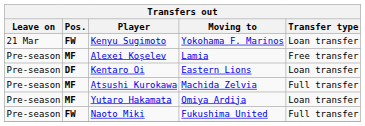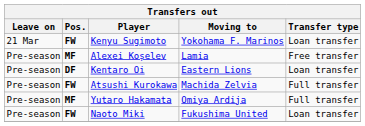 <table class="wikitable sortable" style=“text-align:left;>
 <tr>
 <th colspan="5">Transfers out</th>
 </tr>
 <tr>
 <th>Leave on</th>
 <th>Pos.</th>
 <th>Player</th>
 <th>Moving to</th>
 <th>Transfer type</th>
 </tr>
 <tr>
 <td>21 Mar</td>
 <td><strong>FW</strong></td>
 <td> <a href='#'>Kenyu Sugimoto</a></td>
 <td> <a href='#'>Yokohama F. Marinos</a></td>
 <td>Loan transfer</td>
 </tr>
 <tr>
 <td>Pre-season</td>
 <td><strong>MF</strong></td>
 <td> <a href='#'>Alexei Koșelev</a></td>
 <td> <a href='#'>Lamia</a></td>
 <td>Free transfer</td>
 </tr>
 <tr>
 <td>Pre-season</td>
 <td><strong>DF</strong></td>
 <td> <a href='#'>Kentaro Oi</a></td>
 <td> <a href='#'>Eastern Lions</a></td>
 <td>Loan transfer</td>
 </tr>
 <tr>
 <td>Pre-season</td>
-<td><strong>MF</strong></td>
+<td><strong>FW</strong></td>
 <td> <a href='#'>Atsushi Kurokawa</a></td>
 <td> <a href='#'>Machida Zelvia</a></td>
 <td>Full transfer</td>
 </tr>
 <tr>
 <td>Pre-season</td>
 <td><strong>MF</strong></td>
 <td> <a href='#'>Yutaro Hakamata</a></td>
 <td> <a href='#'>Omiya Ardija</a></td>
-<td>Loan transfer</td>
+<td>Full transfer</td>
 </tr>
 <tr>
 <td>Pre-season</td>
 <td><strong>FW</strong></td>
 <td> <a href='#'>Naoto Miki</a></td>
 <td> <a href='#'>Fukushima United</a></td>
-<td>Full transfer</td>
+<td>Loan transfer</td>
 </tr>
 <tr>
 </tr>
 </table>
